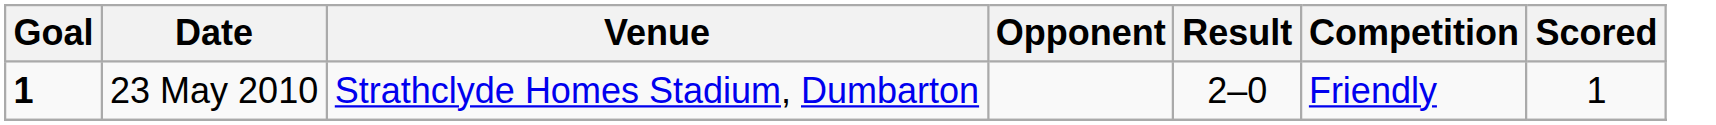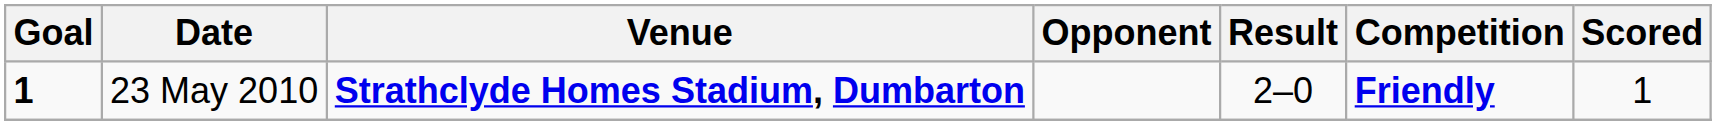 <table class="wikitable">
 <tr>
 <th>Goal</th>
 <th>Date</th>
 <th>Venue</th>
 <th>Opponent</th>
 <th>Result</th>
 <th>Competition</th>
 <th>Scored</th>
 </tr>
 <tr>
 <td><strong>1</strong></td>
 <td>23 May 2010</td>
-<td><a href='#'>Strathclyde Homes Stadium</a>, <a href='#'>Dumbarton</a></td>
+<td><strong><a href='#'>Strathclyde Homes Stadium</a>, <a href='#'>Dumbarton</a></strong></td>
 <td></td>
 <td align="center">2–0</td>
-<td><a href='#'>Friendly</a></td>
+<td><strong><a href='#'>Friendly</a></strong></td>
 <td align="center">1</td>
 </tr>
 <tr>
 </tr>
 </table>
